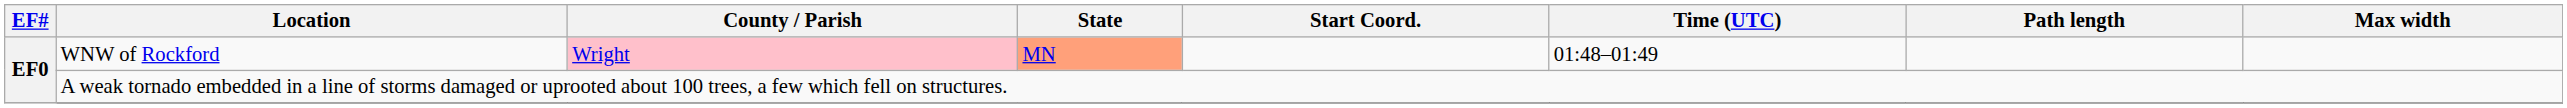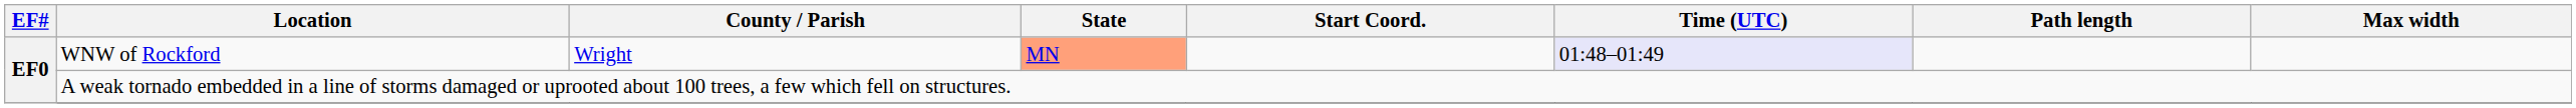 <table class="wikitable sortable" style="width:100%;">
 <tr>
 <th scope="col" width="2%" align="center"><a href='#'>EF#</a></th>
 <th scope="col" align="center" class="unsortable">Location</th>
 <th scope="col" align="center" class="unsortable">County / Parish</th>
 <th scope="col" align="center">State</th>
 <th scope="col" align="center">Start Coord.</th>
 <th scope="col" align="center">Time (<a href='#'>UTC</a>)</th>
 <th scope="col" align="center">Path length</th>
 <th scope="col" align="center">Max width</th>
 </tr>
 <tr>
 <th scope="row" rowspan="2" style="background-color:#">EF0</th>
 <td>WNW of <a href='#'>Rockford</a></td>
-<td style="background: pink;"><a href='#'>Wright</a></td>
+<td><a href='#'>Wright</a></td>
 <td style="background: lightsalmon;"><a href='#'>MN</a></td>
 <td></td>
-<td>01:48–01:49</td>
+<td style="background: lavender;">01:48–01:49</td>
 <td></td>
 <td></td>
 </tr>
 <tr class="expand-child">
 <td colspan="8" style=" border-bottom: 1px solid black;">A weak tornado embedded in a line of storms damaged or uprooted about 100 trees, a few which fell on structures.</td>
 </tr>
 <tr>
 </tr>
 </table>
